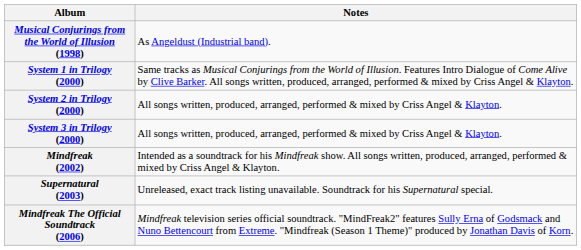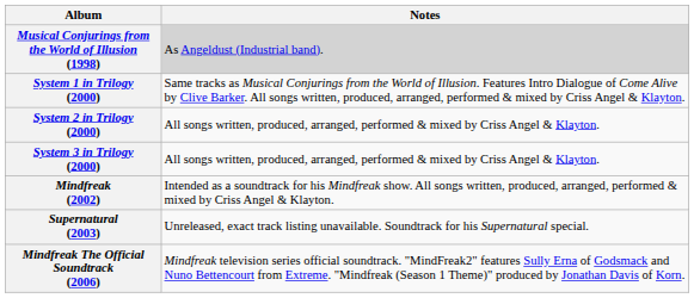 <table class="wikitable" style="text-align:left">
 <tr>
 <th>Album</th>
 <th>Notes</th>
 </tr>
 <tr>
 <th><em><a href='#'>Musical Conjurings from the World of Illusion</a></em><br>(<a href='#'>1998</a>)</th>
-<td>As <a href='#'>Angeldust (Industrial band)</a>.</td>
+<td style="background: lightgrey;">As <a href='#'>Angeldust (Industrial band)</a>.</td>
 </tr>
 <tr>
 <th><em><a href='#'>System 1 in Trilogy</a></em><br>(<a href='#'>2000</a>)</th>
 <td>Same tracks as <em>Musical Conjurings from the World of Illusion</em>. Features Intro Dialogue of <em>Come Alive</em> by <a href='#'>Clive Barker</a>. All songs written, produced, arranged, performed & mixed by Criss Angel & <a href='#'>Klayton</a>.</td>
 </tr>
 <tr>
 <th><em><a href='#'>System 2 in Trilogy</a></em><br>(<a href='#'>2000</a>)</th>
 <td>All songs written, produced, arranged, performed & mixed by Criss Angel & <a href='#'>Klayton</a>.</td>
 </tr>
 <tr>
 <th><em><a href='#'>System 3 in Trilogy</a></em><br>(<a href='#'>2000</a>)</th>
 <td>All songs written, produced, arranged, performed & mixed by Criss Angel & <a href='#'>Klayton</a>.</td>
 </tr>
 <tr>
 <th><em>Mindfreak</em><br>(<a href='#'>2002</a>)</th>
 <td>Intended as a soundtrack for his <em>Mindfreak</em> show. All songs written, produced, arranged, performed & mixed by Criss Angel & Klayton.</td>
 </tr>
 <tr>
 <th><em>Supernatural</em><br>(<a href='#'>2003</a>)</th>
 <td>Unreleased, exact track listing unavailable. Soundtrack for his <em>Supernatural</em> special.</td>
 </tr>
 <tr>
 <th><em>Mindfreak The Official Soundtrack</em><br>(<a href='#'>2006</a>)</th>
 <td><em>Mindfreak</em> television series official soundtrack. "MindFreak2" features <a href='#'>Sully Erna</a> of <a href='#'>Godsmack</a> and <a href='#'>Nuno Bettencourt</a> from <a href='#'>Extreme</a>. "Mindfreak (Season 1 Theme)" produced by <a href='#'>Jonathan Davis</a> of <a href='#'>Korn</a>.</td>
 </tr>
 </table>
